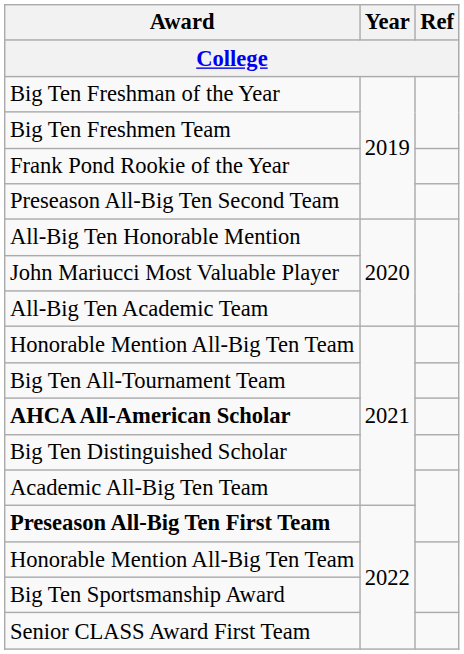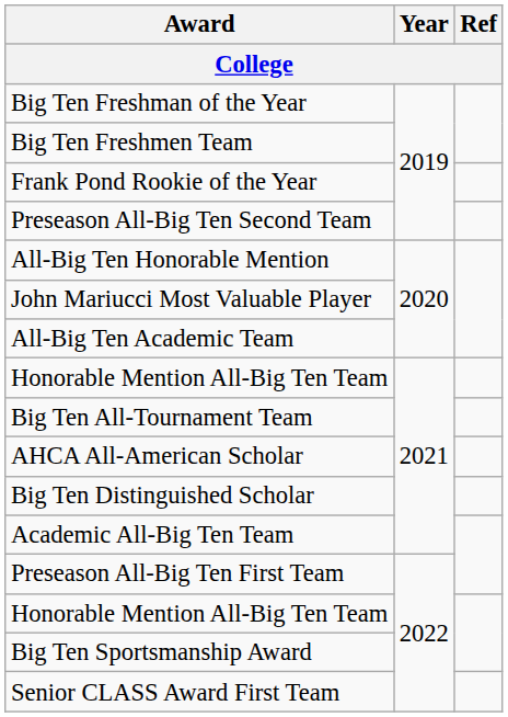 <table class="wikitable">
 <tr>
 <th>Award</th>
 <th>Year</th>
 <th>Ref</th>
 </tr>
 <tr align="center" bgcolor="#e0e0e0">
 <th colspan="3"><a href='#'>College</a></th>
 </tr>
 <tr>
 <td>Big Ten Freshman of the Year</td>
 <td rowspan="4">2019</td>
 <td rowspan="2"></td>
 </tr>
 <tr>
 <td>Big Ten Freshmen Team</td>
 </tr>
 <tr>
 <td>Frank Pond Rookie of the Year</td>
 <td></td>
 </tr>
 <tr>
 <td>Preseason All-Big Ten Second Team</td>
 <td></td>
 </tr>
 <tr>
 <td>All-Big Ten Honorable Mention</td>
 <td rowspan="3">2020</td>
 <td rowspan="3"></td>
 </tr>
 <tr>
 <td>John Mariucci Most Valuable Player</td>
 </tr>
 <tr>
 <td>All-Big Ten Academic Team</td>
 </tr>
 <tr>
 <td>Honorable Mention All-Big Ten Team</td>
 <td rowspan="5">2021</td>
 <td></td>
 </tr>
 <tr>
 <td>Big Ten All-Tournament Team</td>
 <td></td>
 </tr>
 <tr>
-<td><strong>AHCA All-American Scholar</strong></td>
+<td>AHCA All-American Scholar</td>
 <td></td>
 </tr>
 <tr>
 <td>Big Ten Distinguished Scholar</td>
 <td></td>
 </tr>
 <tr>
 <td>Academic All-Big Ten Team</td>
 <td rowspan="2"></td>
 </tr>
 <tr>
-<td><strong>Preseason All-Big Ten First Team</strong></td>
+<td>Preseason All-Big Ten First Team</td>
 <td rowspan="4">2022</td>
 </tr>
 <tr>
 <td>Honorable Mention All-Big Ten Team</td>
 <td rowspan="2"></td>
 </tr>
 <tr>
 <td>Big Ten Sportsmanship Award</td>
 </tr>
 <tr>
 <td>Senior CLASS Award First Team</td>
 <td></td>
 </tr>
 </table>
